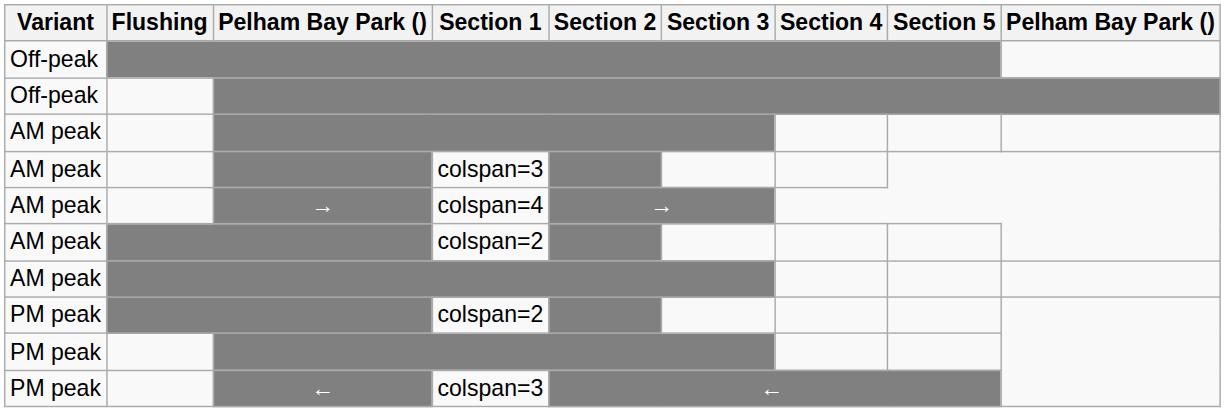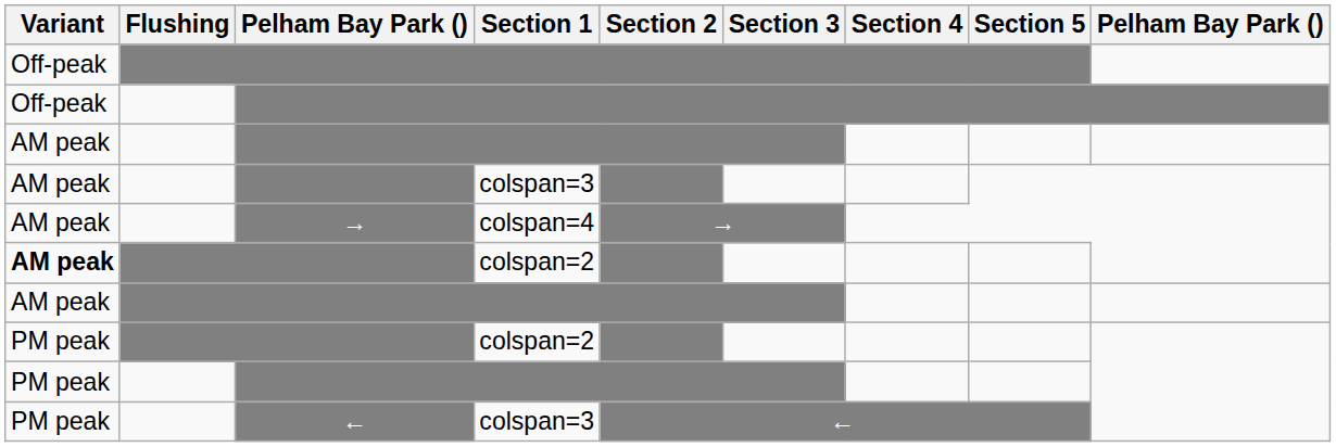 <table class="wikitable">
 <tr>
 <th>Variant</th>
 <th>Flushing</th>
 <th>Pelham Bay Park ()</th>
 <th>Section 1</th>
 <th>Section 2</th>
 <th>Section 3</th>
 <th>Section 4</th>
 <th>Section 5</th>
 <th>Pelham Bay Park ()</th>
 </tr>
 <tr>
 <td>Off-peak</td>
 <td colspan=7 style="background: gray"> </td>
 <td></td>
 </tr>
 <tr>
 <td>Off-peak</td>
 <td></td>
 <td colspan=7 style="background: gray"> </td>
 </tr>
 <tr>
 <td>AM peak</td>
 <td></td>
 <td colspan=4 style="background: gray"> </td>
 <td></td>
 <td></td>
 <td></td>
 </tr>
 <tr>
 <td>AM peak</td>
 <td></td>
 <td style="background: gray"> </td>
 <td>colspan=3 </td>
 <td style="background: gray"> </td>
 <td></td>
 <td></td>
 </tr>
 <tr>
 <td>AM peak</td>
 <td></td>
 <td style="background: gray; color:white; text-align:center">→</td>
 <td>colspan=4 </td>
 <td colspan=2 style="background: gray; color:white; text-align:center">→</td>
 </tr>
 <tr>
-<td>AM peak</td>
+<td><strong>AM peak</strong></td>
 <td colspan=2 style="background: gray"> </td>
 <td>colspan=2 </td>
 <td style="background: gray"> </td>
 <td></td>
 <td></td>
 <td></td>
 </tr>
 <tr>
 <td>AM peak</td>
 <td colspan=5 style="background: gray"> </td>
 <td></td>
 <td></td>
 <td></td>
 </tr>
 <tr>
 <td>PM peak</td>
 <td colspan=2 style="background: gray"> </td>
 <td>colspan=2 </td>
 <td style="background: gray"> </td>
 <td></td>
 <td></td>
 <td></td>
 </tr>
 <tr>
 <td>PM peak</td>
 <td></td>
 <td colspan=4 style="background: gray"> </td>
 <td></td>
 <td></td>
 </tr>
 <tr>
 <td>PM peak</td>
 <td></td>
 <td style="background: gray; color:white; text-align:center">←</td>
 <td>colspan=3 </td>
 <td colspan=4 style="background: gray; color:white; text-align:center">← </td>
 </tr>
 </table>
